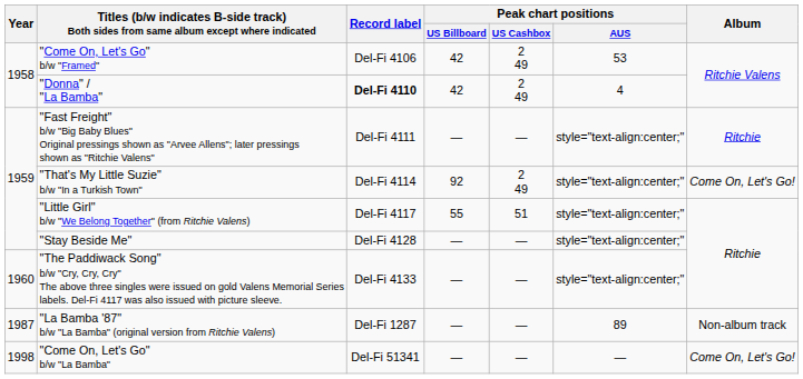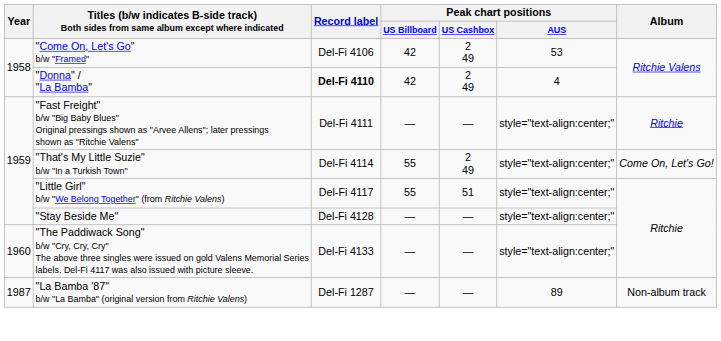 <table class="wikitable" style=text-align:center;>
 <tr>
 <th rowspan="2">Year</th>
 <th rowspan="2">Titles (b/w indicates B-side track)<br><small>Both sides from same album except where indicated</small></th>
 <th rowspan="2"><a href='#'>Record label</a></th>
 <th colspan="3">Peak chart positions</th>
 <th rowspan="2">Album</th>
 </tr>
 <tr>
 <th style="text-align:center;"><small><a href='#'>US Billboard</a></small><br></th>
 <th style="text-align:center;"><small><a href='#'>US Cashbox</a></small></th>
 <th style="text-align:center;"><small><a href='#'>AUS</a></small><br></th>
 </tr>
 <tr>
 <td rowspan="2">1958</td>
 <td style="text-align:left;">"<a href='#'>Come On, Let's Go</a>"<br><small>b/w "<a href='#'>Framed</a>"</small></td>
 <td style="text-align:center;">Del-Fi 4106</td>
 <td style="text-align:center;">42</td>
 <td style="text-align:center;">2<br>49</td>
 <td style="text-align:center;">53</td>
 <td style="text-align:center;" rowspan=2><em><a href='#'>Ritchie Valens</a></em></td>
 </tr>
 <tr>
 <td style="text-align:left;">"<a href='#'>Donna</a>" /<br>"<a href='#'>La Bamba</a>"</td>
 <td style="text-align:center;"><strong>Del-Fi 4110</strong></td>
 <td style="text-align:center;">42</td>
 <td style="text-align:center;">2<br>49</td>
 <td style="text-align:center;">4</td>
 </tr>
 <tr>
 <td rowspan="4">1959</td>
 <td style="text-align:left;">"Fast Freight"<br><small>b/w "Big Baby Blues"<br>Original pressings shown as "Arvee Allens"; later pressings<br> shown as "Ritchie Valens"</small></td>
 <td style="text-align:center;">Del-Fi 4111</td>
 <td style="text-align:center;">—</td>
 <td style="text-align:center;">—</td>
 <td>style="text-align:center;" </td>
 <td style="text-align:center;" rowspan=1><em><a href='#'>Ritchie</a></em></td>
 </tr>
 <tr>
 <td style="text-align:left;">"That's My Little Suzie"<br><small>b/w "In a Turkish Town"</small></td>
 <td style="text-align:center;">Del-Fi 4114</td>
-<td style="text-align:center;">92</td>
+<td style="text-align:center;">55</td>
 <td style="text-align:center;">2<br>49</td>
 <td>style="text-align:center;" </td>
 <td style="text-align:center;"><em>Come On, Let's Go!</em></td>
 </tr>
 <tr>
 <td style="text-align:left;">"Little Girl"<br><small>b/w "<a href='#'>We Belong Together</a>" (from <em>Ritchie Valens</em>)</small></td>
 <td style="text-align:center;">Del-Fi 4117</td>
 <td style="text-align:center;">55</td>
 <td style="text-align:center;">51</td>
 <td>style="text-align:center;" </td>
 <td style="text-align:center;" rowspan=3><em>Ritchie</em></td>
 </tr>
 <tr>
 <td style="text-align:left;">"Stay Beside Me"</td>
 <td style="text-align:center;">Del-Fi 4128</td>
 <td style="text-align:center;">—</td>
 <td style="text-align:center;">—</td>
 <td>style="text-align:center;" </td>
 </tr>
 <tr>
 <td>1960</td>
 <td style="text-align:left;">"The Paddiwack Song"<br><small>b/w "Cry, Cry, Cry"<br>The above three singles were issued on gold Valens Memorial Series<br>labels. Del-Fi 4117 was also issued with picture sleeve.</small></td>
 <td style="text-align:center;">Del-Fi 4133</td>
 <td style="text-align:center;">—</td>
 <td style="text-align:center;">—</td>
 <td>style="text-align:center;" </td>
 </tr>
 <tr>
 <td>1987</td>
 <td style="text-align:left;">"La Bamba '87"<br><small>b/w "La Bamba" (original version from <em>Ritchie Valens</em>)</small></td>
 <td style="text-align:center;">Del-Fi 1287</td>
 <td style="text-align:center;">—</td>
 <td style="text-align:center;">—</td>
 <td style="text-align:center;">89</td>
 <td style="text-align:center;" rowspan=1>Non-album track</td>
 </tr>
-<tr>
-<td>1998</td>
-<td style="text-align:left;">"Come On, Let's Go"<br><small>b/w "La Bamba"</small></td>
-<td style="text-align:center;">Del-Fi 51341</td>
-<td style="text-align:center;">—</td>
-<td style="text-align:center;">—</td>
-<td style="text-align:center;">—</td>
-<td style="text-align:center;"><em>Come On, Let's Go!</em></td>
-</tr>
 </table>
